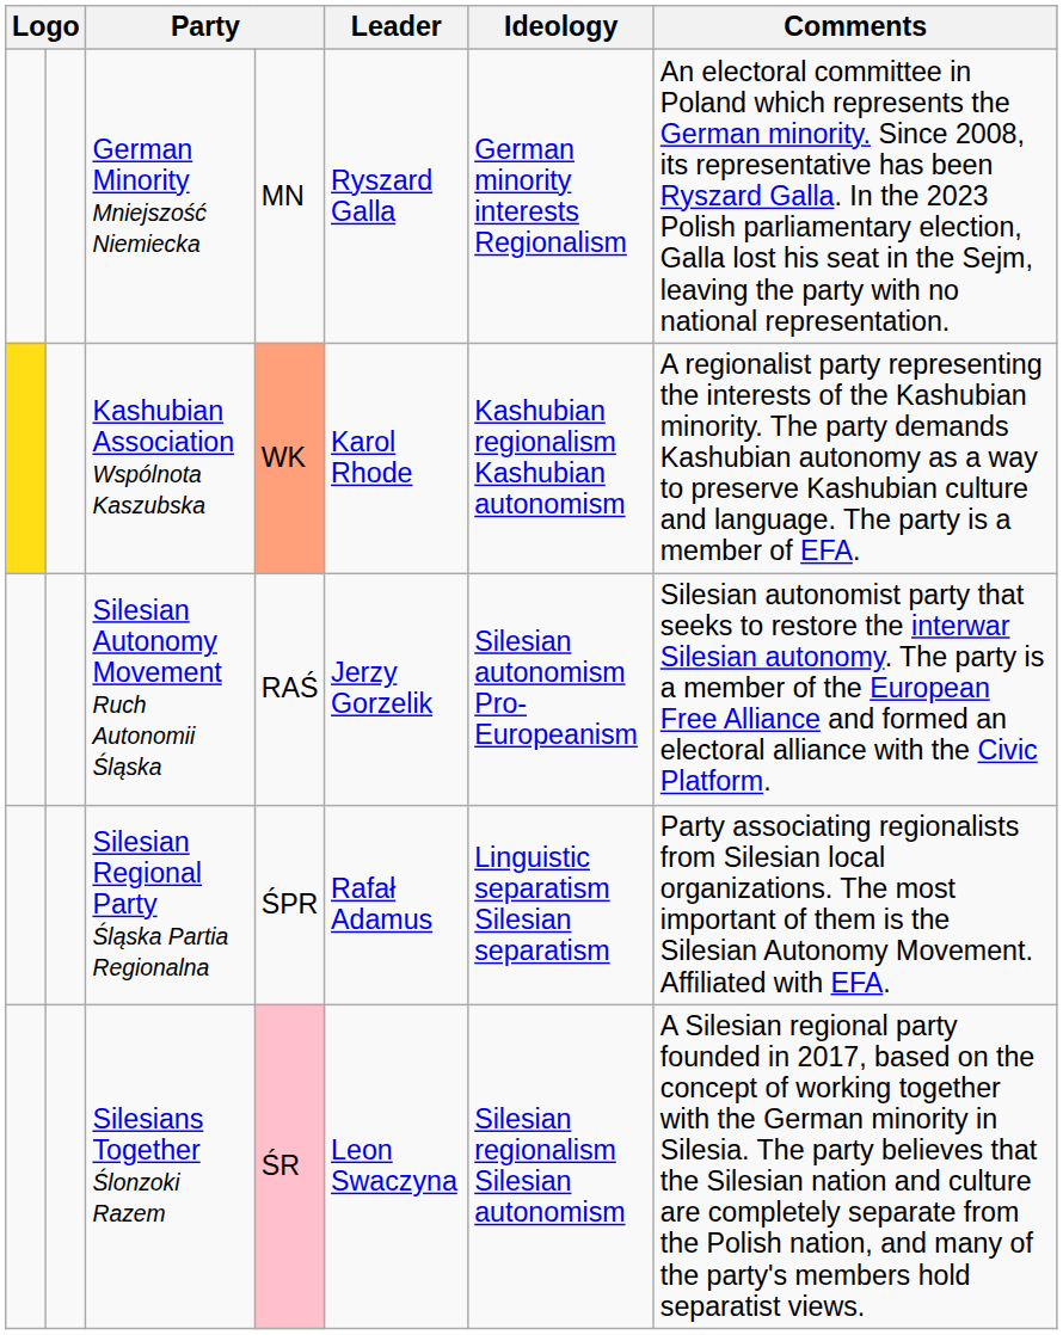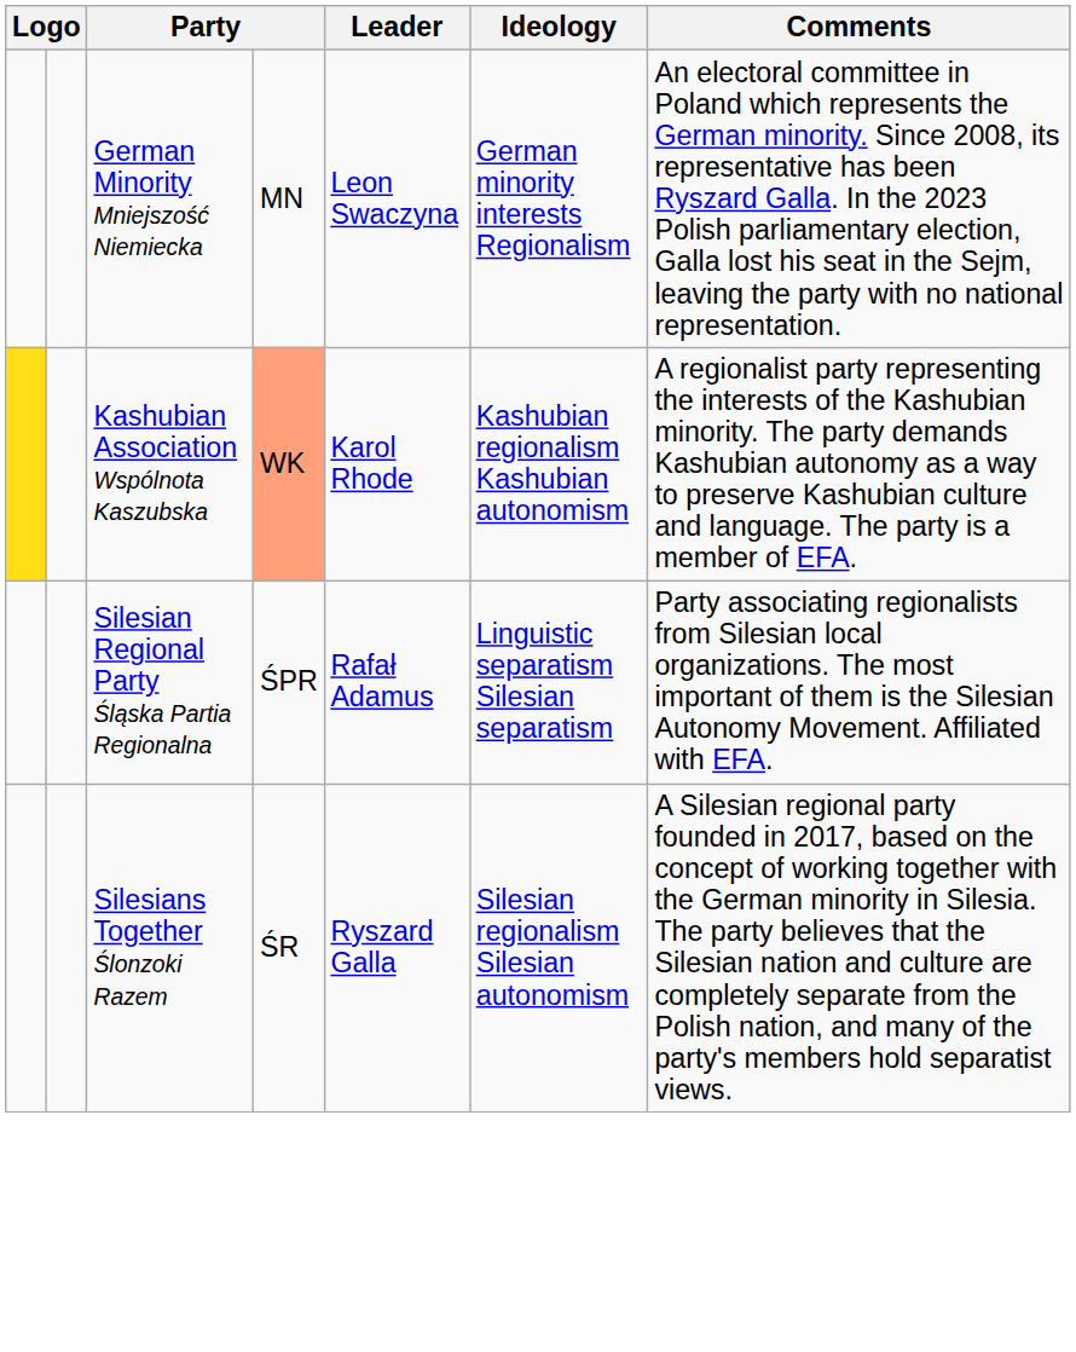 <table class="wikitable sortable">
 <tr>
 <th colspan=2>Logo</th>
 <th colspan=2>Party</th>
 <th>Leader</th>
 <th>Ideology</th>
 <th>Comments</th>
 </tr>
 <tr>
 <td></td>
 <td></td>
 <td><a href='#'>German Minority</a><br><small><em>Mniejszość Niemiecka</em><br></small></td>
 <td>MN</td>
-<td><a href='#'>Ryszard Galla</a></td>
+<td><a href='#'>Leon Swaczyna</a></td>
 <td><a href='#'>German minority interests</a><br><a href='#'>Regionalism</a></td>
 <td>An electoral committee in Poland which represents the <a href='#'>German minority.</a> Since 2008, its representative has been <a href='#'>Ryszard Galla</a>. In the 2023 Polish parliamentary election, Galla lost his seat in the Sejm, leaving the party with no national representation.</td>
 </tr>
 <tr>
 <td bgcolor="#ffde16"></td>
 <td style="text-align:center;"></td>
 <td><a href='#'>Kashubian Association</a><br><small><em>Wspólnota Kaszubska</em><br></small></td>
 <td style="background: lightsalmon;">WK</td>
 <td><a href='#'>Karol Rhode</a></td>
 <td><a href='#'>Kashubian</a> <a href='#'>regionalism</a><br><a href='#'>Kashubian</a> <a href='#'>autonomism</a></td>
 <td>A regionalist party representing the interests of the Kashubian minority. The party demands Kashubian autonomy as a way to preserve Kashubian culture and language. The party is a member of <a href='#'>EFA</a>.</td>
 </tr>
 <tr>
 <td></td>
 <td style="text-align:center;"></td>
-<td><a href='#'>Silesian Autonomy Movement</a><br><small><em>Ruch Autonomii Śląska</em><br></small></td>
-<td>RAŚ</td>
-<td><a href='#'>Jerzy Gorzelik</a></td>
-<td><a href='#'>Silesian</a> <a href='#'>autonomism</a><br><a href='#'>Pro-Europeanism</a></td>
-<td>Silesian autonomist party that seeks to restore the <a href='#'>interwar Silesian autonomy</a>. The party is a member of the <a href='#'>European Free Alliance</a> and formed an electoral alliance with the <a href='#'>Civic Platform</a>.</td>
-</tr>
-<tr>
-<td></td>
-<td style="text-align:center;"></td>
 <td><a href='#'>Silesian Regional Party</a><br><small><em>Śląska Partia Regionalna</em><br></small></td>
 <td>ŚPR</td>
 <td><a href='#'>Rafał Adamus</a></td>
 <td><a href='#'>Linguistic separatism</a><br><a href='#'>Silesian separatism</a></td>
 <td>Party associating regionalists from Silesian local organizations. The most important of them is the Silesian Autonomy Movement. Affiliated with <a href='#'>EFA</a>.</td>
 </tr>
 <tr>
 <td></td>
 <td style="text-align:center;"></td>
 <td><a href='#'>Silesians Together</a><br><small><em>Ślonzoki Razem</em><br></small></td>
-<td style="background: pink;">ŚR</td>
-<td><a href='#'>Leon Swaczyna</a></td>
+<td>ŚR</td>
+<td><a href='#'>Ryszard Galla</a></td>
 <td><a href='#'>Silesian</a> <a href='#'>regionalism</a><br><a href='#'>Silesian</a> <a href='#'>autonomism</a></td>
 <td>A Silesian regional party founded in 2017, based on the concept of working together with the German minority in Silesia. The party believes that the Silesian nation and culture are completely separate from the Polish nation, and many of the party's members hold separatist views.</td>
 </tr>
 </table>
